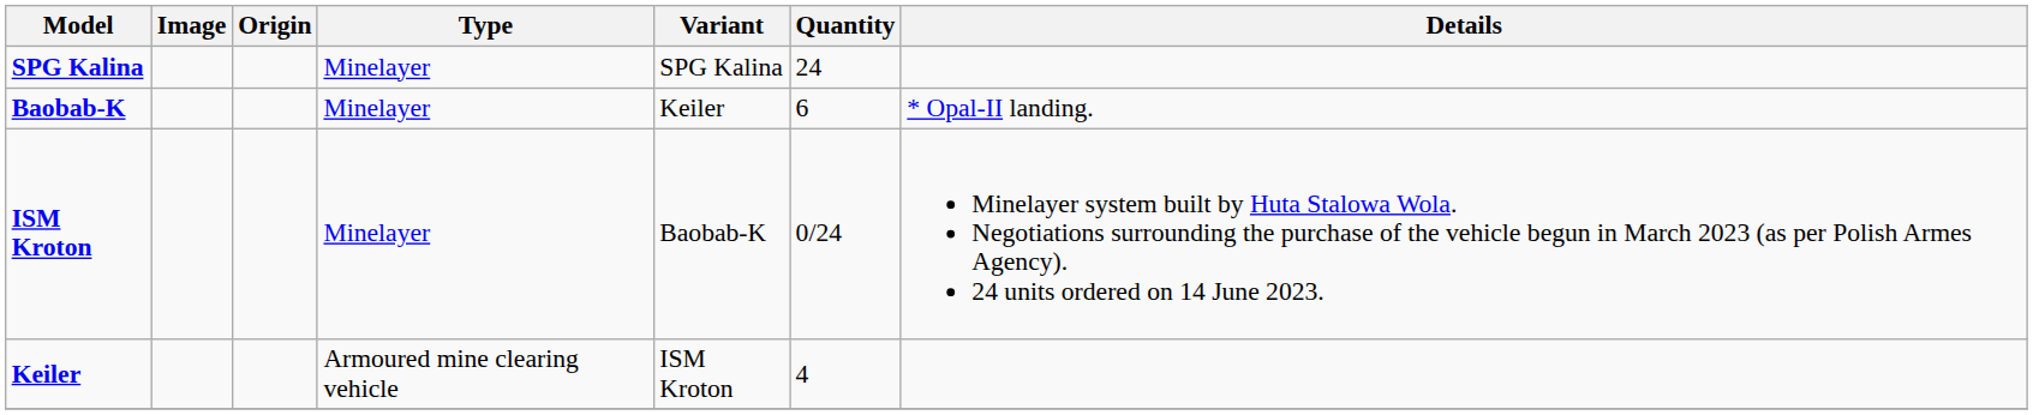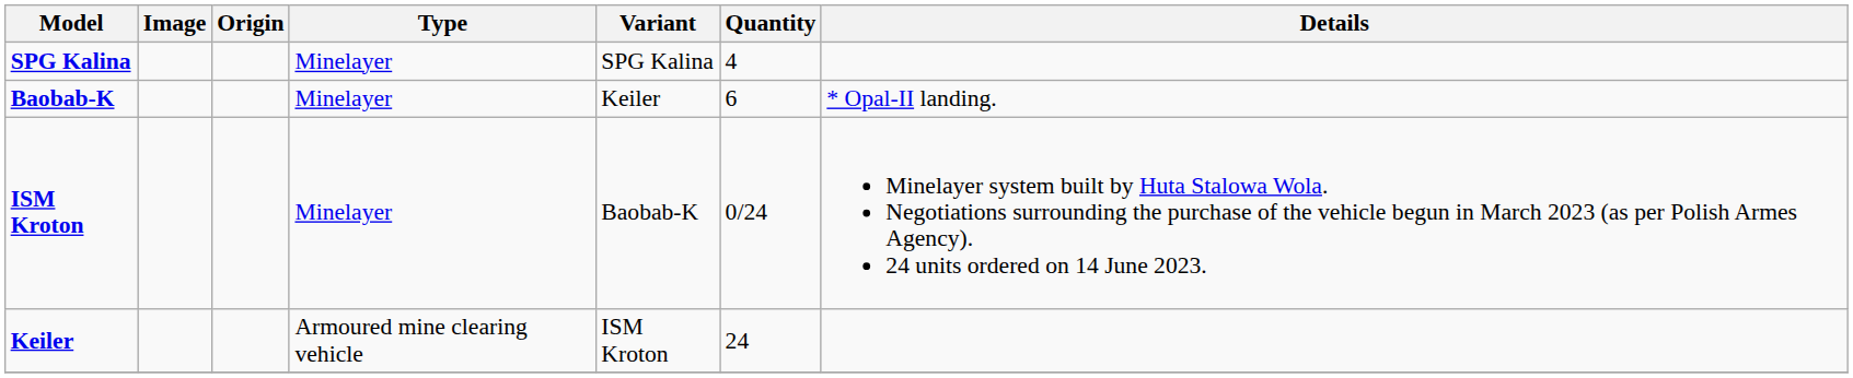 <table class="wikitable">
 <tr>
 <th>Model</th>
 <th>Image</th>
 <th>Origin</th>
 <th>Type</th>
 <th>Variant</th>
 <th>Quantity</th>
 <th>Details</th>
 </tr>
 <tr>
 <td><strong><a href='#'>SPG Kalina</a></strong></td>
 <td></td>
 <td><small></small></td>
 <td><a href='#'>Minelayer</a></td>
 <td>SPG Kalina</td>
-<td>24</td>
+<td>4</td>
 <td></td>
 </tr>
 <tr>
 <td><strong><a href='#'>Baobab-K</a></strong></td>
 <td> </td>
 <td><small></small></td>
 <td><a href='#'>Minelayer</a></td>
 <td>Keiler</td>
 <td>6</td>
 <td><a href='#'>* Opal-II</a> landing.</td>
 </tr>
 <tr>
 <td><strong><a href='#'>ISM Kroton</a></strong></td>
 <td></td>
 <td><small></small></td>
 <td><a href='#'>Minelayer</a></td>
 <td>Baobab-K</td>
 <td>0/24</td>
 <td><br><ul><li>Minelayer system built by <a href='#'>Huta Stalowa Wola</a>.</li><li>Negotiations surrounding the purchase of the vehicle begun in March 2023 (as per Polish Armes Agency).</li><li>24 units ordered on 14 June 2023.</li></ul></td>
 </tr>
 <tr>
 <td><strong><a href='#'>Keiler</a></strong></td>
 <td></td>
 <td><small></small></td>
 <td>Armoured mine clearing vehicle</td>
 <td>ISM Kroton</td>
-<td>4</td>
+<td>24</td>
 <td></td>
 </tr>
 <tr>
 </tr>
 </table>
